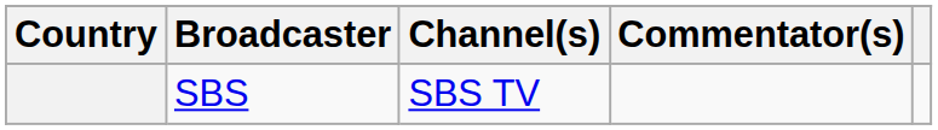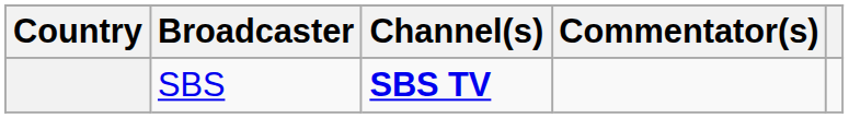 <table class="wikitable plainrowheaders">
 <tr>
 </tr>
 <tr>
 <th scope="col">Country</th>
 <th scope="col">Broadcaster</th>
 <th scope="col">Channel(s)</th>
 <th scope="col">Commentator(s)</th>
 <th scope="col"></th>
 </tr>
 <tr>
 <th scope="row"></th>
 <td><a href='#'>SBS</a></td>
-<td><a href='#'>SBS TV</a></td>
+<td><strong><a href='#'>SBS TV</a></strong></td>
 <td></td>
 <td style="text-align:center"></td>
 </tr>
 </table>
